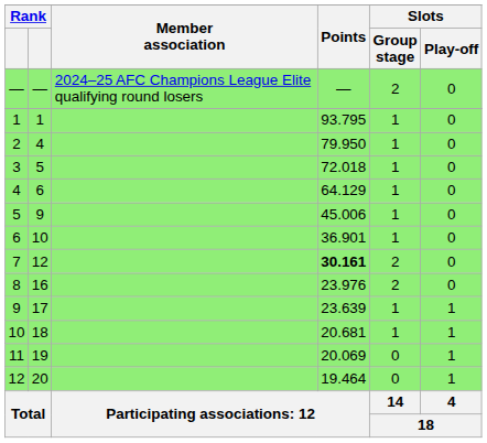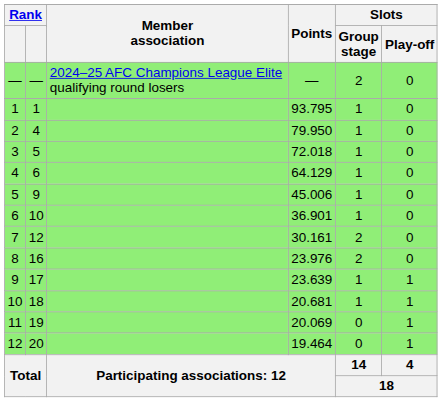 <table class="wikitable" style="text-align:center">
 <tr>
 </tr>
 <tr>
 <th colspan=2 rowspan=2><a href='#'>Rank</a></th>
 <th rowspan=3 width=280>Member<br>association</th>
 <th rowspan=3>Points</th>
 <th colspan=2>Slots</th>
 </tr>
 <tr>
 <th rowspan=2>Group<br>stage</th>
 <th rowspan=2>Play-off</th>
 </tr>
 <tr>
 <th></th>
 <th></th>
 </tr>
 <tr bgcolor=#90ee77>
 <td>—</td>
 <td>—</td>
 <td align=left><a href='#'>2024–25 AFC Champions League Elite</a> qualifying round losers</td>
 <td>—</td>
 <td>2</td>
 <td>0</td>
 </tr>
 <tr>
 </tr>
 <tr bgcolor=#90ee77>
 <td>1</td>
 <td>1</td>
 <td align=left></td>
 <td>93.795</td>
 <td>1</td>
 <td>0</td>
 </tr>
 <tr bgcolor=#90ee77>
 <td>2</td>
 <td>4</td>
 <td align=left></td>
 <td>79.950</td>
 <td>1</td>
 <td>0</td>
 </tr>
 <tr bgcolor=#90ee77>
 <td>3</td>
 <td>5</td>
 <td align=left></td>
 <td>72.018</td>
 <td>1</td>
 <td>0</td>
 </tr>
 <tr bgcolor=#90ee77>
 <td>4</td>
 <td>6</td>
 <td align=left></td>
 <td>64.129</td>
 <td>1</td>
 <td>0</td>
 </tr>
 <tr bgcolor=#90ee77>
 <td>5</td>
 <td>9</td>
 <td align=left></td>
 <td>45.006</td>
 <td>1</td>
 <td>0</td>
 </tr>
 <tr bgcolor=#90ee77>
 <td>6</td>
 <td>10</td>
 <td align=left></td>
 <td>36.901</td>
 <td>1</td>
 <td>0</td>
 </tr>
 <tr bgcolor=#90ee77>
 <td>7</td>
 <td>12</td>
 <td align=left></td>
-<td><strong>30.161</strong></td>
+<td>30.161</td>
 <td>2</td>
 <td>0</td>
 </tr>
 <tr bgcolor=#90ee77>
 <td>8</td>
 <td>16</td>
 <td align=left></td>
 <td>23.976</td>
 <td>2</td>
 <td>0</td>
 </tr>
 <tr bgcolor=#90ee77>
 <td>9</td>
 <td>17</td>
 <td align=left></td>
 <td>23.639</td>
 <td>1</td>
 <td>1</td>
 </tr>
 <tr bgcolor=#90ee77>
 <td>10</td>
 <td>18</td>
 <td align=left></td>
 <td>20.681</td>
 <td>1</td>
 <td>1</td>
 </tr>
 <tr bgcolor=#90ee77>
 <td>11</td>
 <td>19</td>
 <td align=left></td>
 <td>20.069</td>
 <td>0</td>
 <td>1</td>
 </tr>
 <tr bgcolor=#90ee77>
 <td>12</td>
 <td>20</td>
 <td align=left></td>
 <td>19.464</td>
 <td>0</td>
 <td>1</td>
 </tr>
 <tr>
 <th colspan=2 rowspan=2>Total</th>
 <th colspan=2 rowspan=2>Participating associations: 12</th>
 <th>14</th>
 <th>4</th>
 </tr>
 <tr>
 <th colspan=2>18</th>
 </tr>
 </table>
